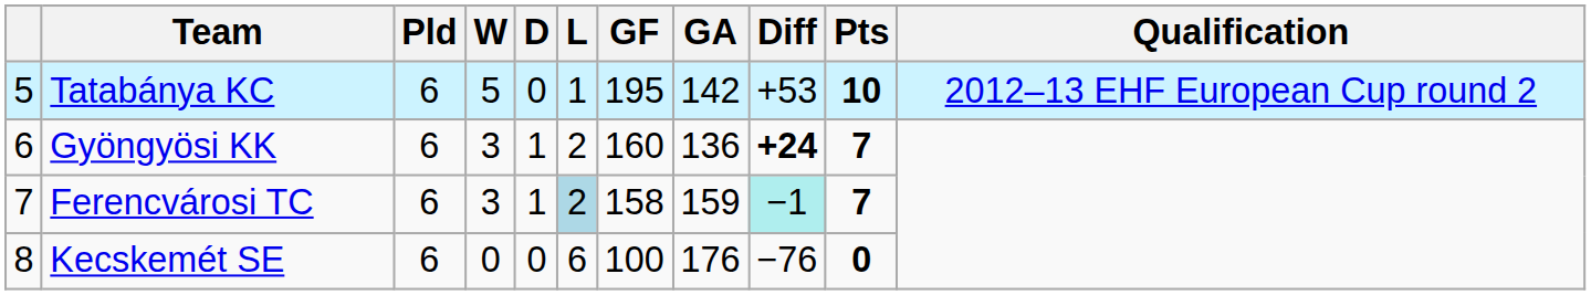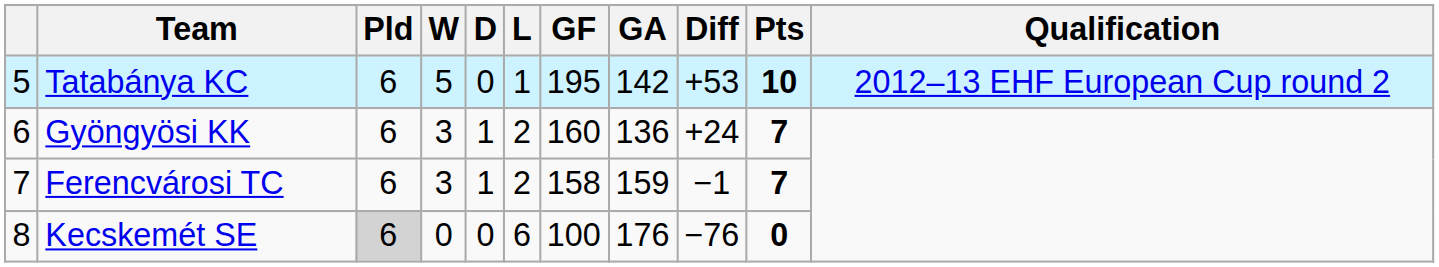 <table class="wikitable sortable" style="text-align:center">
 <tr>
 <th></th>
 <th width="150">Team</th>
 <th>Pld</th>
 <th>W</th>
 <th>D</th>
 <th>L</th>
 <th>GF</th>
 <th>GA</th>
 <th>Diff</th>
 <th>Pts</th>
 <th width="300">Qualification</th>
 </tr>
 <tr style="background: #CCF3FF;">
 <td>5</td>
 <td align=left><a href='#'>Tatabánya KC</a></td>
 <td>6</td>
 <td>5</td>
 <td>0</td>
 <td>1</td>
 <td>195</td>
 <td>142</td>
 <td>+53</td>
 <td><strong>10</strong></td>
 <td><a href='#'>2012–13 EHF European Cup round 2</a></td>
 </tr>
 <tr>
 <td>6</td>
 <td align=left><a href='#'>Gyöngyösi KK</a></td>
 <td>6</td>
 <td>3</td>
 <td>1</td>
 <td>2</td>
 <td>160</td>
 <td>136</td>
-<td><strong>+24</strong></td>
+<td>+24</td>
 <td><strong>7</strong></td>
 </tr>
 <tr>
 <td>7</td>
 <td align=left><a href='#'>Ferencvárosi TC</a></td>
 <td>6</td>
 <td>3</td>
 <td>1</td>
-<td style="background: lightblue;">2</td>
+<td>2</td>
 <td>158</td>
 <td>159</td>
-<td style="background: paleturquoise;">−1</td>
+<td>−1</td>
 <td><strong>7</strong></td>
 </tr>
 <tr>
 <td>8</td>
 <td align=left><a href='#'>Kecskemét SE</a></td>
-<td>6</td>
+<td style="background: lightgrey;">6</td>
 <td>0</td>
 <td>0</td>
 <td>6</td>
 <td>100</td>
 <td>176</td>
 <td>−76</td>
 <td><strong>0</strong></td>
 </tr>
 </table>
